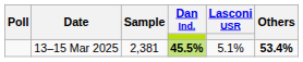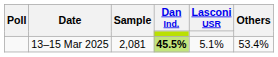 <table class="wikitable sortable" style="text-align:center;font-size:85%;line-height:14px;">
 <tr>
 <th rowspan="2">Poll</th>
 <th rowspan="2">Date</th>
 <th rowspan="2" style="width:35px;">Sample</th>
 <th class="unsortable" style="width:20px;"><a href='#'>Dan</a><br><small><a href='#'>Ind.</a></small></th>
 <th class="unsortable" style="width:20px;"><a href='#'>Lasconi</a><br><small><a href='#'>USR</a></small></th>
 <th rowspan="2">Others</th>
 </tr>
 <tr>
 <th style="background:#BAE002; "></th>
 <th style="background:"></th>
 </tr>
 <tr>
 <td></td>
 <td>13–15 Mar 2025</td>
-<td>2,381</td>
+<td>2,081</td>
 <td style="background:#C2E47B"><strong>45.5%</strong></td>
 <td>5.1%</td>
-<td><strong>53.4%</strong></td>
+<td>53.4%</td>
 </tr>
 </table>
